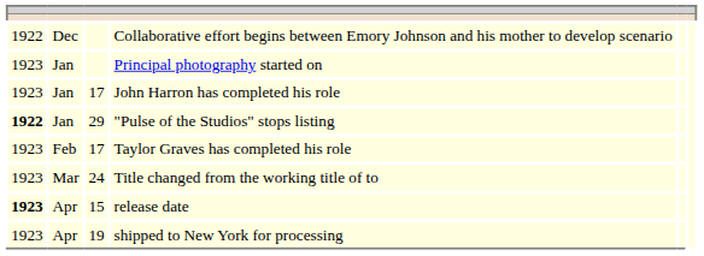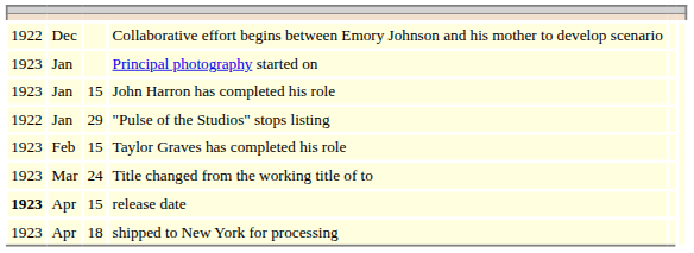 <table class="wikitable sortable mw-collapsible " style="background:lightyellow; border:2px solid gray;font-size:95%">
 <tr>
 <th colspan="6" style="border:1px solid #808080;background:lightgrey;"></th>
 </tr>
 <tr>
 <th style="border:0px solid #FFFAF5; background:#F2E0CE"></th>
 <th style="border:0px solid #FFFAF5; background:#F2E0CE"></th>
 <th style="border:0px solid #FFFAF5; background:#F2E0CE"></th>
 <th style="border:0px solid #FFFAF5; background:#F2E0CE"></th>
 <th style="border:0px solid #FFFAF5; background:#F2E0CE"></th>
 <th style="border:0px solid #FFFAF5; background:#F2E0CE"></th>
 </tr>
 <tr>
 <td style="border:3px solid #FFFFFF">1922</td>
 <td style="border:3px solid #FFFFFF">Dec</td>
 <td style="border:3px solid #FFFFFF"></td>
 <td style="border:3px solid #FFFFFF">Collaborative effort begins between Emory Johnson and his mother to develop scenario</td>
 <td style="border:3px solid #FFFFFF"></td>
 <td rowspan=15 style="text-align: center; border:3px solid #FFFFFF;"></td>
 </tr>
 <tr>
 <td style="border:3px solid #FFFFFF">1923</td>
 <td style="border:3px solid #FFFFFF">Jan</td>
 <td style="border:3px solid #FFFFFF"></td>
 <td style="border:3px solid #FFFFFF"><a href='#'>Principal photography</a> started on </td>
 <td style="border:3px solid #FFFFFF"></td>
 </tr>
 <tr>
 <td style="border:3px solid #FFFFFF">1923</td>
 <td style="border:3px solid #FFFFFF">Jan</td>
-<td style="border:3px solid #FFFFFF">17</td>
+<td style="border:3px solid #FFFFFF">15</td>
 <td style="border:3px solid #FFFFFF">John Harron has completed his role </td>
 <td style="border:3px solid #FFFFFF"></td>
 </tr>
 <tr>
-<td style="border:3px solid #FFFFFF"><strong>1922</strong></td>
+<td style="border:3px solid #FFFFFF">1922</td>
 <td style="border:3px solid #FFFFFF">Jan</td>
 <td style="border:3px solid #FFFFFF">29</td>
 <td style="border:3px solid #FFFFFF">"Pulse of the Studios" stops listing </td>
 <td style="border:3px solid #FFFFFF"></td>
 </tr>
 <tr>
 <td style="border:3px solid #FFFFFF">1923</td>
 <td style="border:3px solid #FFFFFF">Feb</td>
-<td style="border:3px solid #FFFFFF">17</td>
+<td style="border:3px solid #FFFFFF">15</td>
 <td style="border:3px solid #FFFFFF">Taylor Graves has completed his role </td>
 <td style="border:3px solid #FFFFFF"></td>
 </tr>
 <tr>
 <td style="border:3px solid #FFFFFF">1923</td>
 <td style="border:3px solid #FFFFFF">Mar</td>
 <td style="border:3px solid #FFFFFF">24</td>
 <td style="border:3px solid #FFFFFF">Title changed from the working title of  to </td>
 <td style="border:3px solid #FFFFFF"></td>
 </tr>
 <tr>
 <td style="border:3px solid #FFFFFF"><strong>1923</strong></td>
 <td style="border:3px solid #FFFFFF">Apr</td>
 <td style="border:3px solid #FFFFFF">15</td>
 <td style="border:3px solid #FFFFFF"> release date</td>
 <td style="border:3px solid #FFFFFF"></td>
 </tr>
 <tr>
 <td style="border:3px solid #FFFFFF">1923</td>
 <td style="border:3px solid #FFFFFF">Apr</td>
-<td style="border:3px solid #FFFFFF">19</td>
+<td style="border:3px solid #FFFFFF">18</td>
 <td style="border:3px solid #FFFFFF"> shipped to New York for processing</td>
 <td style="border:3px solid #FFFFFF"></td>
 </tr>
 <tr>
 </tr>
 </table>
